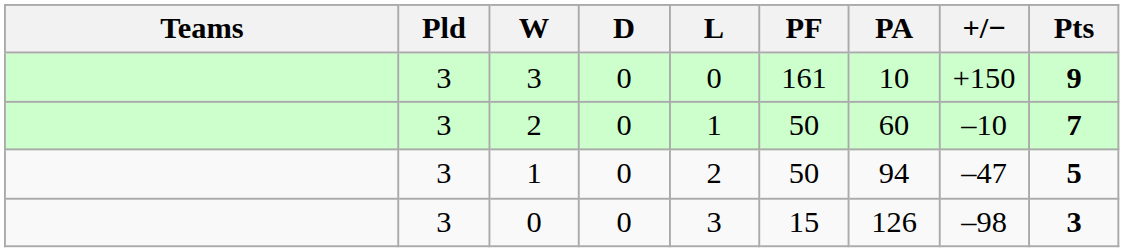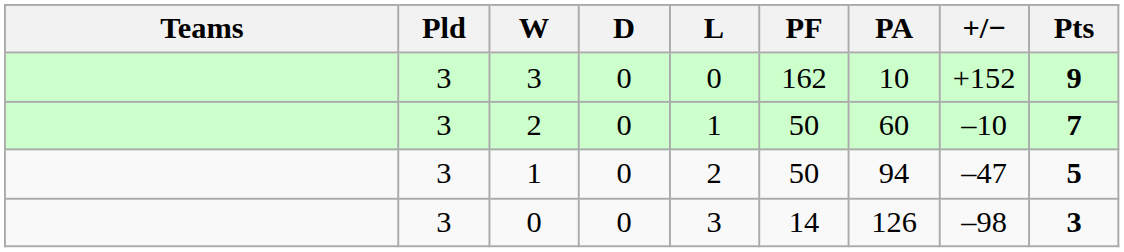 <table class="wikitable" style="text-align: center;">
 <tr>
 <th width="200">Teams</th>
 <th width="40">Pld</th>
 <th width="40">W</th>
 <th width="40">D</th>
 <th width="40">L</th>
 <th width="40">PF</th>
 <th width="40">PA</th>
 <th width="40">+/−</th>
 <th width="40">Pts</th>
 </tr>
 <tr style="background:#cfc; width:20px;">
 <td align=left></td>
 <td>3</td>
 <td>3</td>
 <td>0</td>
 <td>0</td>
-<td>161</td>
+<td>162</td>
 <td>10</td>
-<td>+150</td>
+<td>+152</td>
 <td><strong>9</strong></td>
 </tr>
 <tr style="background:#cfc; width:20px;">
 <td align=left></td>
 <td>3</td>
 <td>2</td>
 <td>0</td>
 <td>1</td>
 <td>50</td>
 <td>60</td>
 <td>–10</td>
 <td><strong>7</strong></td>
 </tr>
 <tr>
 <td align=left></td>
 <td>3</td>
 <td>1</td>
 <td>0</td>
 <td>2</td>
 <td>50</td>
 <td>94</td>
 <td>–47</td>
 <td><strong>5</strong></td>
 </tr>
 <tr>
 <td align=left></td>
 <td>3</td>
 <td>0</td>
 <td>0</td>
 <td>3</td>
-<td>15</td>
+<td>14</td>
 <td>126</td>
 <td>–98</td>
 <td><strong>3</strong></td>
 </tr>
 </table>
